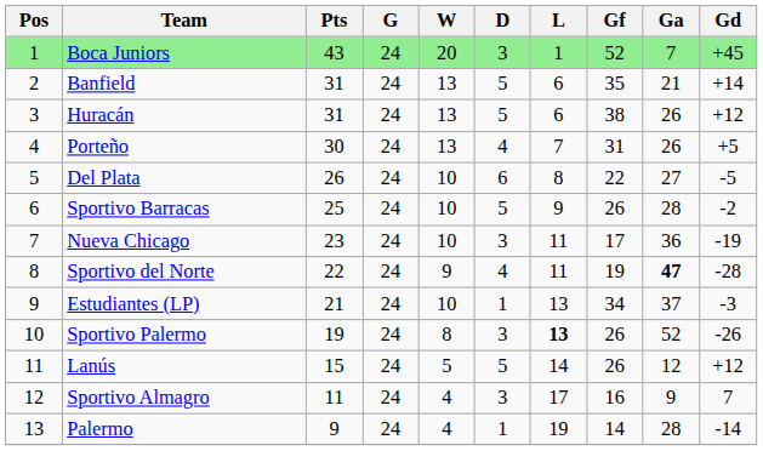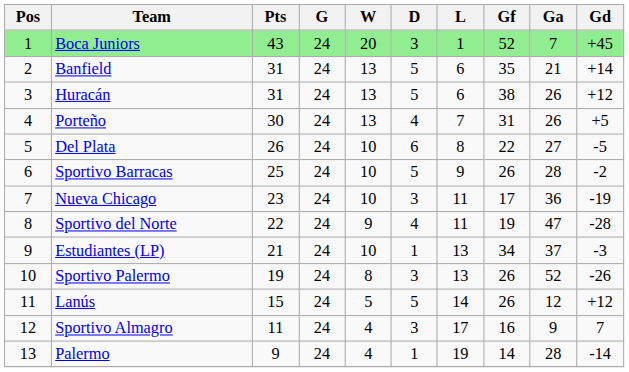 <table class="wikitable" style="text-align:center">
 <tr>
 <th width=40px>Pos</th>
 <th width=200px>Team</th>
 <th width=40px>Pts</th>
 <th width=40px>G</th>
 <th width=40px>W</th>
 <th width=40px>D</th>
 <th width=40px>L</th>
 <th width=40px>Gf</th>
 <th width=40px>Ga</th>
 <th width=40px>Gd</th>
 </tr>
 <tr bgcolor="lightgreen">
 <td>1</td>
 <td align="left"><a href='#'>Boca Juniors</a></td>
 <td>43</td>
 <td>24</td>
 <td>20</td>
 <td>3</td>
 <td>1</td>
 <td>52</td>
 <td>7</td>
 <td>+45</td>
 </tr>
 <tr>
 <td>2</td>
 <td align="left"><a href='#'>Banfield</a></td>
 <td>31</td>
 <td>24</td>
 <td>13</td>
 <td>5</td>
 <td>6</td>
 <td>35</td>
 <td>21</td>
 <td>+14</td>
 </tr>
 <tr>
 <td>3</td>
 <td align="left"><a href='#'>Huracán</a></td>
 <td>31</td>
 <td>24</td>
 <td>13</td>
 <td>5</td>
 <td>6</td>
 <td>38</td>
 <td>26</td>
 <td>+12</td>
 </tr>
 <tr>
 <td>4</td>
 <td align="left"><a href='#'>Porteño</a></td>
 <td>30</td>
 <td>24</td>
 <td>13</td>
 <td>4</td>
 <td>7</td>
 <td>31</td>
 <td>26</td>
 <td>+5</td>
 </tr>
 <tr>
 <td>5</td>
 <td align="left"><a href='#'>Del Plata</a></td>
 <td>26</td>
 <td>24</td>
 <td>10</td>
 <td>6</td>
 <td>8</td>
 <td>22</td>
 <td>27</td>
 <td>-5</td>
 </tr>
 <tr>
 <td>6</td>
 <td align="left"><a href='#'>Sportivo Barracas</a></td>
 <td>25</td>
 <td>24</td>
 <td>10</td>
 <td>5</td>
 <td>9</td>
 <td>26</td>
 <td>28</td>
 <td>-2</td>
 </tr>
 <tr>
 <td>7</td>
 <td align="left"><a href='#'>Nueva Chicago</a></td>
 <td>23</td>
 <td>24</td>
 <td>10</td>
 <td>3</td>
 <td>11</td>
 <td>17</td>
 <td>36</td>
 <td>-19</td>
 </tr>
 <tr>
 <td>8</td>
 <td align="left"><a href='#'>Sportivo del Norte</a></td>
 <td>22</td>
 <td>24</td>
 <td>9</td>
 <td>4</td>
 <td>11</td>
 <td>19</td>
-<td><strong>47</strong></td>
+<td>47</td>
 <td>-28</td>
 </tr>
 <tr>
 <td>9</td>
 <td align="left"><a href='#'>Estudiantes (LP)</a></td>
 <td>21</td>
 <td>24</td>
 <td>10</td>
 <td>1</td>
 <td>13</td>
 <td>34</td>
 <td>37</td>
 <td>-3</td>
 </tr>
 <tr>
 <td>10</td>
 <td align="left"><a href='#'>Sportivo Palermo</a></td>
 <td>19</td>
 <td>24</td>
 <td>8</td>
 <td>3</td>
-<td><strong>13</strong></td>
+<td>13</td>
 <td>26</td>
 <td>52</td>
 <td>-26</td>
 </tr>
 <tr>
 <td>11</td>
 <td align="left"><a href='#'>Lanús</a></td>
 <td>15</td>
 <td>24</td>
 <td>5</td>
 <td>5</td>
 <td>14</td>
 <td>26</td>
 <td>12</td>
 <td>+12</td>
 </tr>
 <tr>
 <td>12</td>
 <td align="left"><a href='#'>Sportivo Almagro</a></td>
 <td>11</td>
 <td>24</td>
 <td>4</td>
 <td>3</td>
 <td>17</td>
 <td>16</td>
 <td>9</td>
 <td>7</td>
 </tr>
 <tr>
 <td>13</td>
 <td align="left"><a href='#'>Palermo</a></td>
 <td>9</td>
 <td>24</td>
 <td>4</td>
 <td>1</td>
 <td>19</td>
 <td>14</td>
 <td>28</td>
 <td>-14</td>
 </tr>
 <tr>
 </tr>
 </table>
